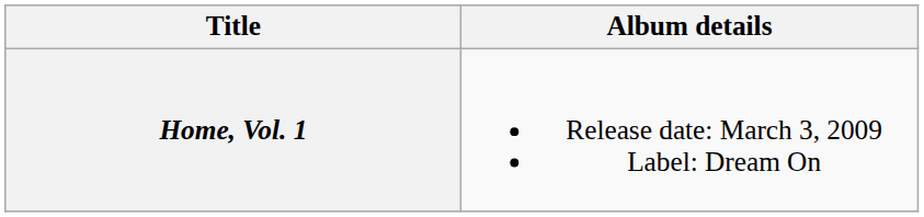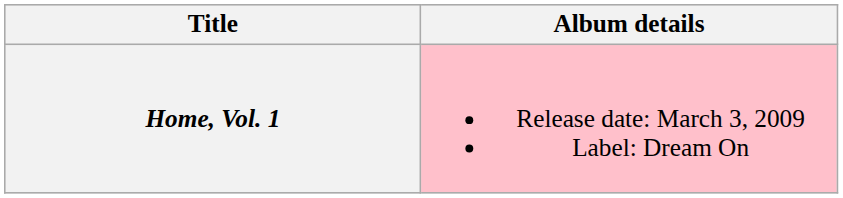 <table class="wikitable plainrowheaders" style="text-align:center;">
 <tr>
 <th style="width:16em;">Title</th>
 <th style="width:16em;">Album details</th>
 </tr>
 <tr>
 <th scope="row"><em>Home, Vol. 1</em></th>
-<td><br><ul><li>Release date: March 3, 2009</li><li>Label: Dream On</li></ul></td>
+<td style="background: pink;"><br><ul><li>Release date: March 3, 2009</li><li>Label: Dream On</li></ul></td>
 </tr>
 </table>
